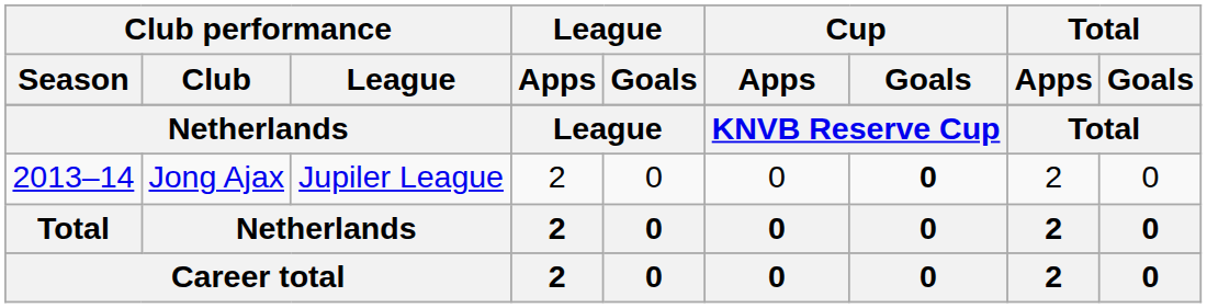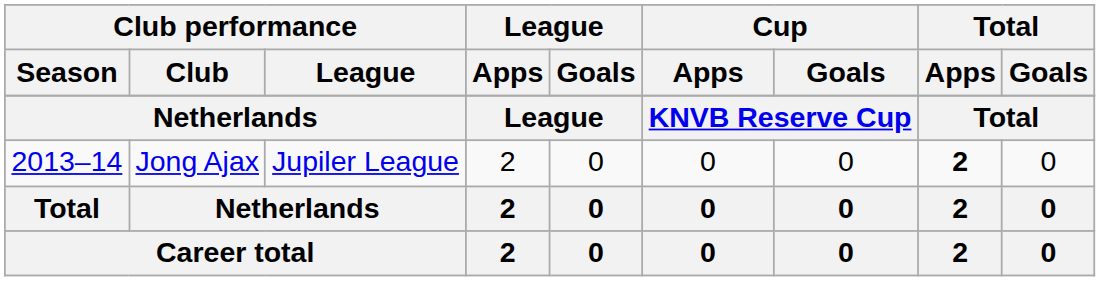 <table class="wikitable" style="text-align:center">
 <tr>
 <th colspan=3>Club performance</th>
 <th colspan=2>League</th>
 <th colspan=2>Cup</th>
 <th colspan=2>Total</th>
 </tr>
 <tr>
 <th>Season</th>
 <th>Club</th>
 <th>League</th>
 <th>Apps</th>
 <th>Goals</th>
 <th>Apps</th>
 <th>Goals</th>
 <th>Apps</th>
 <th>Goals</th>
 </tr>
 <tr>
 </tr>
 <tr>
 <th colspan=3>Netherlands</th>
 <th colspan=2>League</th>
 <th colspan=2><a href='#'>KNVB Reserve Cup</a></th>
 <th colspan=2>Total</th>
 </tr>
 <tr>
 <td><a href='#'>2013–14</a></td>
 <td rowspan="1"><a href='#'>Jong Ajax</a></td>
 <td rowspan="1"><a href='#'>Jupiler League</a></td>
 <td>2</td>
 <td>0</td>
 <td>0</td>
-<td><strong>0</strong></td>
-<td>2</td>
+<td>0</td>
+<td><strong>2</strong></td>
 <td>0</td>
 </tr>
 <tr>
 <th rowspan=1>Total</th>
 <th colspan=2>Netherlands</th>
 <th>2</th>
 <th>0</th>
 <th>0</th>
 <th>0</th>
 <th>2</th>
 <th>0</th>
 </tr>
 <tr>
 <th colspan=3>Career total</th>
 <th>2</th>
 <th>0</th>
 <th>0</th>
 <th>0</th>
 <th>2</th>
 <th>0</th>
 </tr>
 </table>
